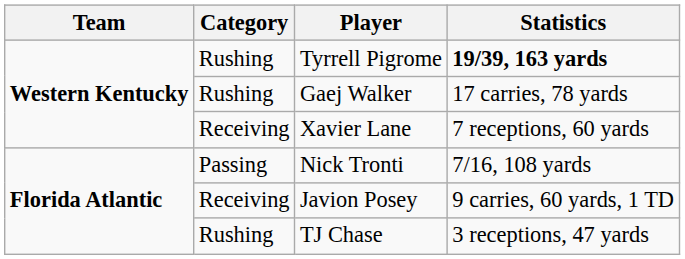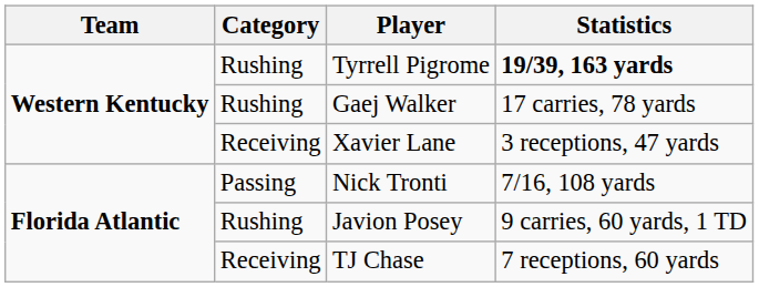 <table class="wikitable" style="float: left;">
 <tr>
 <th>Team</th>
 <th>Category</th>
 <th>Player</th>
 <th>Statistics</th>
 </tr>
 <tr>
 <td rowspan=3><strong>Western Kentucky</strong></td>
 <td>Rushing</td>
 <td>Tyrrell Pigrome</td>
 <td><strong>19/39, 163 yards</strong></td>
 </tr>
 <tr>
 <td>Rushing</td>
 <td>Gaej Walker</td>
 <td>17 carries, 78 yards</td>
 </tr>
 <tr>
 <td>Receiving</td>
 <td>Xavier Lane</td>
-<td>7 receptions, 60 yards</td>
+<td>3 receptions, 47 yards</td>
 </tr>
 <tr>
 <td rowspan=3><strong>Florida Atlantic</strong></td>
 <td>Passing</td>
 <td>Nick Tronti</td>
 <td>7/16, 108 yards</td>
 </tr>
 <tr>
-<td>Receiving</td>
+<td>Rushing</td>
 <td>Javion Posey</td>
 <td>9 carries, 60 yards, 1 TD</td>
 </tr>
 <tr>
-<td>Rushing</td>
+<td>Receiving</td>
 <td>TJ Chase</td>
-<td>3 receptions, 47 yards</td>
+<td>7 receptions, 60 yards</td>
 </tr>
 </table>
